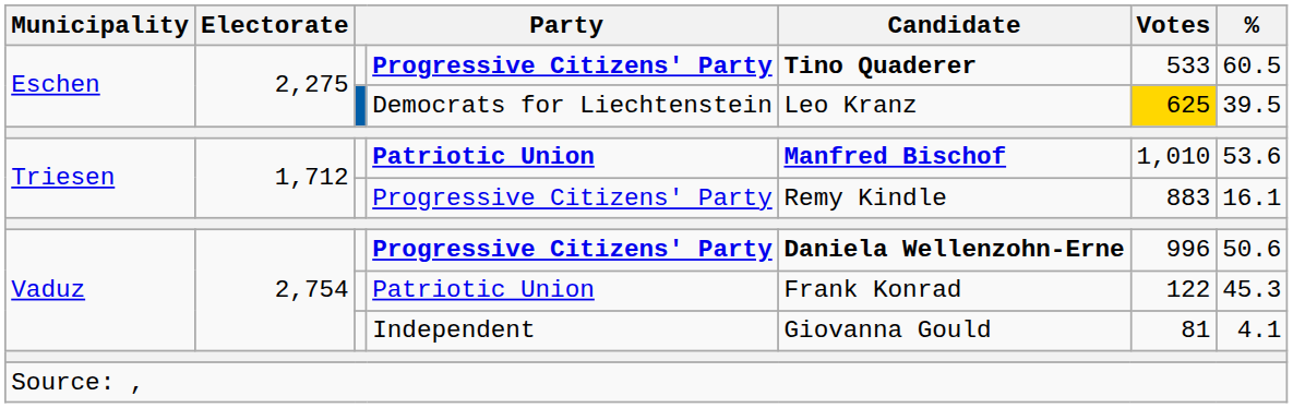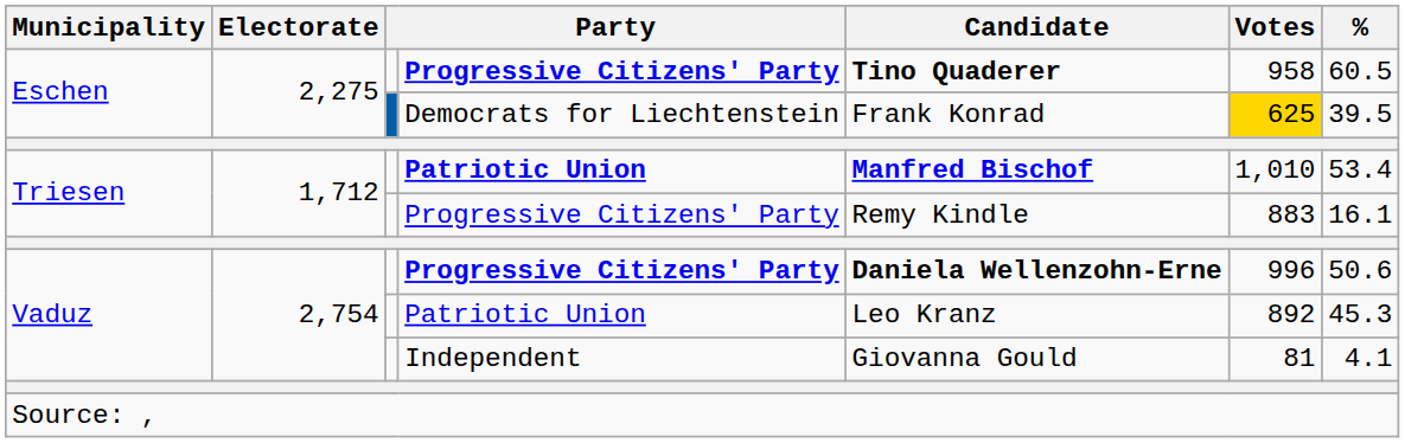 <table class="wikitable" style="text-align:right">
 <tr>
 <th>Municipality</th>
 <th>Electorate</th>
 <th colspan="2">Party</th>
 <th>Candidate</th>
 <th>Votes</th>
 <th>%</th>
 </tr>
 <tr>
 <td rowspan="2" align="left"><a href='#'>Eschen</a></td>
 <td rowspan="2">2,275</td>
 <td style="color:inherit;background:"></td>
 <td align="left"><strong><a href='#'>Progressive Citizens' Party</a></strong></td>
 <td align="left"><strong>Tino Quaderer</strong></td>
-<td>533</td>
+<td>958</td>
 <td>60.5</td>
 </tr>
 <tr>
 <td style="color:inherit;background:#005EA8"></td>
 <td align="left">Democrats for Liechtenstein</td>
-<td align="left">Leo Kranz</td>
+<td align="left">Frank Konrad</td>
 <td style="background: gold;">625</td>
 <td>39.5</td>
 </tr>
 <tr>
 <th colspan="7"></th>
 </tr>
 <tr>
 <td rowspan="2" align="left"><a href='#'>Triesen</a></td>
 <td rowspan="2">1,712</td>
 <td style="color:inherit;background:"></td>
 <td align="left"><a href='#'><strong>Patriotic Union</strong></a></td>
 <td align="left"><strong><a href='#'>Manfred Bischof</a></strong></td>
 <td>1,010</td>
-<td>53.6</td>
+<td>53.4</td>
 </tr>
 <tr>
 <td style="color:inherit;background:"></td>
 <td align="left"><a href='#'>Progressive Citizens' Party</a></td>
 <td align="left">Remy Kindle</td>
 <td>883</td>
 <td>16.1</td>
 </tr>
 <tr>
 <th colspan="7"></th>
 </tr>
 <tr>
 <td rowspan="3" align="left"><a href='#'>Vaduz</a></td>
 <td rowspan="3">2,754</td>
 <td style="color:inherit;background:"></td>
 <td align="left"><strong><a href='#'>Progressive Citizens' Party</a></strong></td>
 <td align="left"><strong>Daniela Wellenzohn-Erne</strong></td>
 <td>996</td>
 <td>50.6</td>
 </tr>
 <tr>
 <td style="color:inherit;background:"></td>
 <td align="left"><a href='#'>Patriotic Union</a></td>
-<td align="left">Frank Konrad</td>
-<td>122</td>
+<td align="left">Leo Kranz</td>
+<td>892</td>
 <td>45.3</td>
 </tr>
 <tr>
 <td style="color:inherit;background:"></td>
 <td align="left">Independent</td>
 <td align="left">Giovanna Gould</td>
 <td>81</td>
 <td>4.1</td>
 </tr>
 <tr>
 <th colspan="7"></th>
 </tr>
 <tr>
 <td colspan="7" align="left">Source: , </td>
 </tr>
 </table>
